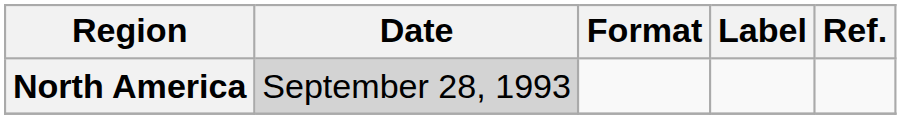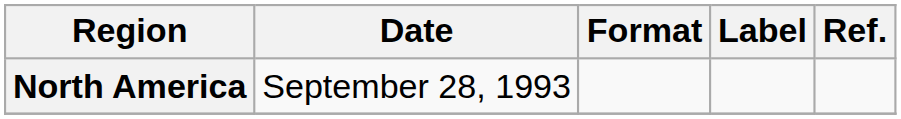 <table class="wikitable plainrowheaders">
 <tr>
 <th scope="col">Region</th>
 <th scope="col">Date</th>
 <th scope="col">Format</th>
 <th scope="col">Label</th>
 <th scope="col">Ref.</th>
 </tr>
 <tr>
 <th scope="row">North America</th>
-<td style="background: lightgrey;">September 28, 1993</td>
+<td>September 28, 1993</td>
 <td></td>
 <td></td>
 <td></td>
 </tr>
 <tr>
 </tr>
 </table>
